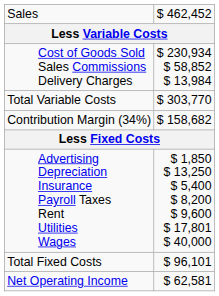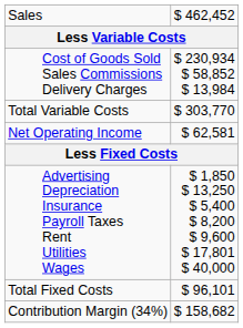 <table class="wikitable">
 <tr>
 <td>Sales</td>
 <td align="right">$ 462,452</td>
 </tr>
 <tr>
 <th colspan="2">Less <a href='#'>Variable Costs</a></th>
 </tr>
 <tr>
 <td><dd><a href='#'>Cost of Goods Sold</a><br>Sales <a href='#'>Commissions</a><br>Delivery Charges</dd></td>
 <td align="right">$ 230,934 <br>$ 58,852 <br> $ 13,984</td>
 </tr>
 <tr>
 <td>Total Variable Costs</td>
 <td align="right">$ 303,770</td>
 </tr>
 <tr>
-<td>Contribution Margin (34%)</td>
-<td align="right">$ 158,682</td>
+<td><a href='#'>Net Operating Income</a></td>
+<td align="right">$ 62,581</td>
 </tr>
 <tr>
 <th colspan="2">Less <a href='#'>Fixed Costs</a></th>
 </tr>
 <tr>
 <td><dd><a href='#'>Advertising</a><br><a href='#'>Depreciation</a><br><a href='#'>Insurance</a><br><a href='#'>Payroll</a> Taxes<br>Rent<br><a href='#'>Utilities</a><br><a href='#'>Wages</a></dd></td>
 <td align="right">$ 1,850<br>$ 13,250<br>$ 5,400<br>$ 8,200<br>$ 9,600<br>$ 17,801<br>$ 40,000<br></td>
 </tr>
 <tr>
 <td>Total Fixed Costs</td>
 <td align="right">$ 96,101</td>
 </tr>
 <tr>
-<td><a href='#'>Net Operating Income</a></td>
-<td align="right">$ 62,581</td>
+<td>Contribution Margin (34%)</td>
+<td align="right">$ 158,682</td>
 </tr>
 </table>
